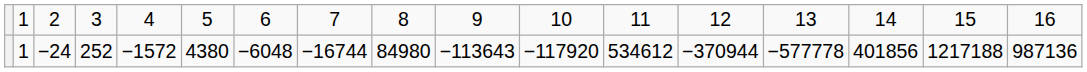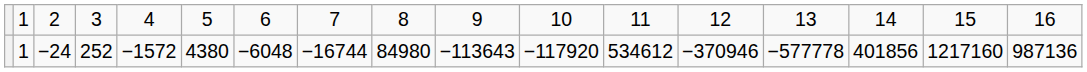 <table class="wikitable" style="text-align:center">
 <tr>
 <th></th>
 <td>1</td>
 <td>2</td>
 <td>3</td>
 <td>4</td>
 <td>5</td>
 <td>6</td>
 <td>7</td>
 <td>8</td>
 <td>9</td>
 <td>10</td>
 <td>11</td>
 <td>12</td>
 <td>13</td>
 <td>14</td>
 <td>15</td>
 <td>16</td>
 </tr>
 <tr>
 <th></th>
 <td>1</td>
 <td>−24</td>
 <td>252</td>
 <td>−1572</td>
 <td>4380</td>
 <td>−6048</td>
 <td>−16744</td>
 <td>84980</td>
 <td>−113643</td>
 <td>−117920</td>
 <td>534612</td>
-<td>−370944</td>
+<td>−370946</td>
 <td>−577778</td>
 <td>401856</td>
-<td>1217188</td>
+<td>1217160</td>
 <td>987136</td>
 </tr>
 </table>
